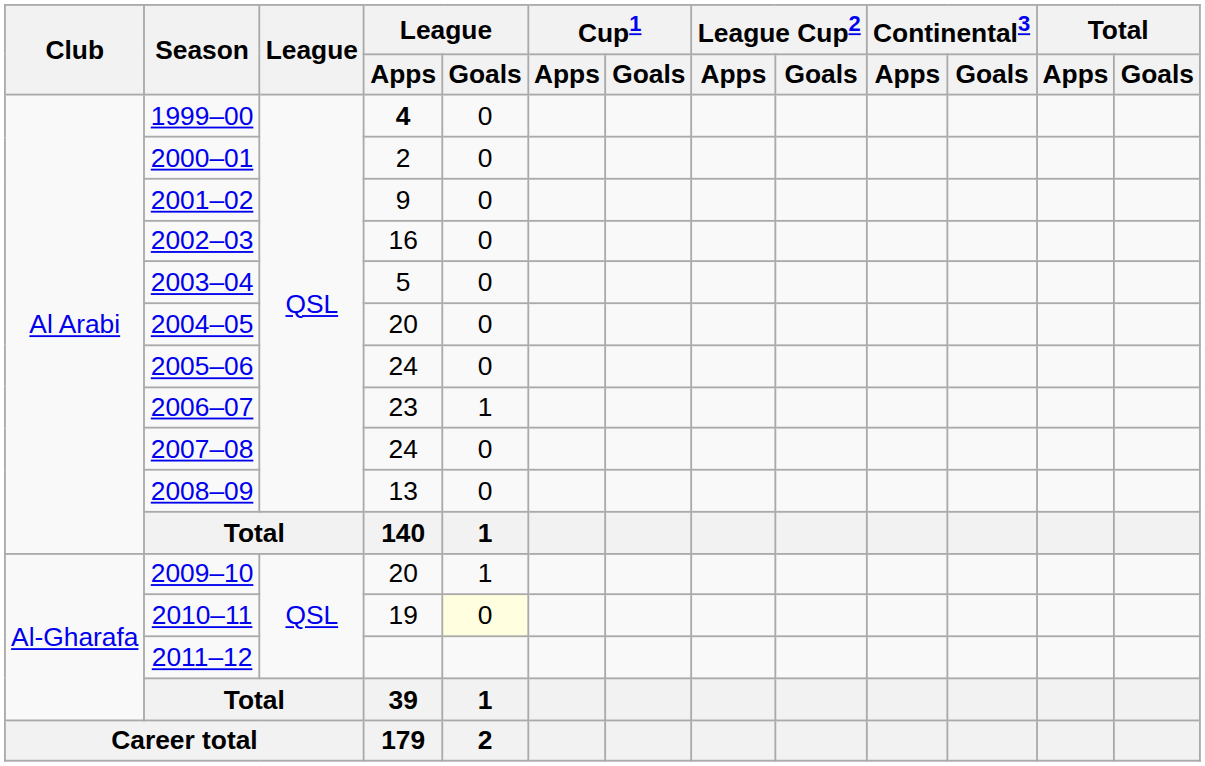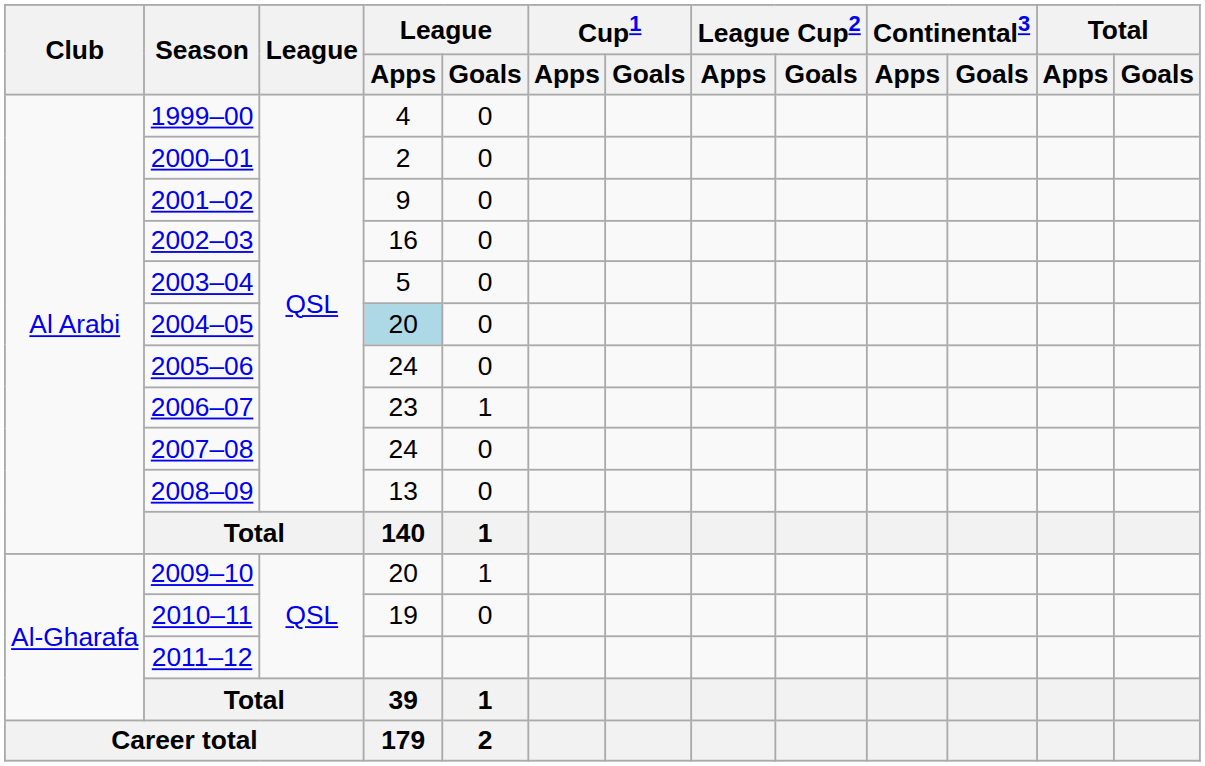 <table class="wikitable" style="font-size:90%; text-align:center;">
 <tr>
 <th rowspan="2">Club</th>
 <th rowspan="2">Season</th>
 <th rowspan="2">League</th>
 <th colspan="2">League</th>
 <th colspan="2">Cup<sup><a href='#'>1</a></sup></th>
 <th colspan="2">League Cup<sup><a href='#'>2</a></sup></th>
 <th colspan="2">Continental<sup><a href='#'>3</a></sup></th>
 <th colspan="2">Total</th>
 </tr>
 <tr>
 <th>Apps</th>
 <th>Goals</th>
 <th>Apps</th>
 <th>Goals</th>
 <th>Apps</th>
 <th>Goals</th>
 <th>Apps</th>
 <th>Goals</th>
 <th>Apps</th>
 <th>Goals</th>
 </tr>
 <tr>
 <td rowspan="11"><a href='#'>Al Arabi</a></td>
 <td><a href='#'>1999–00</a></td>
 <td rowspan="10" valign="center"><a href='#'>QSL</a></td>
-<td><strong>4</strong></td>
+<td>4</td>
 <td>0</td>
 <td></td>
 <td></td>
 <td></td>
 <td></td>
 <td></td>
 <td></td>
 <td></td>
 <td></td>
 </tr>
 <tr>
 <td><a href='#'>2000–01</a></td>
 <td>2</td>
 <td>0</td>
 <td></td>
 <td></td>
 <td></td>
 <td></td>
 <td></td>
 <td></td>
 <td></td>
 <td></td>
 </tr>
 <tr>
 <td><a href='#'>2001–02</a></td>
 <td>9</td>
 <td>0</td>
 <td></td>
 <td></td>
 <td></td>
 <td></td>
 <td></td>
 <td></td>
 <td></td>
 <td></td>
 </tr>
 <tr>
 <td><a href='#'>2002–03</a></td>
 <td>16</td>
 <td>0</td>
 <td></td>
 <td></td>
 <td></td>
 <td></td>
 <td></td>
 <td></td>
 <td></td>
 <td></td>
 </tr>
 <tr>
 <td><a href='#'>2003–04</a></td>
 <td>5</td>
 <td>0</td>
 <td></td>
 <td></td>
 <td></td>
 <td></td>
 <td></td>
 <td></td>
 <td></td>
 <td></td>
 </tr>
 <tr>
 <td><a href='#'>2004–05</a></td>
-<td>20</td>
+<td style="background: lightblue;">20</td>
 <td>0</td>
 <td></td>
 <td></td>
 <td></td>
 <td></td>
 <td></td>
 <td></td>
 <td></td>
 <td></td>
 </tr>
 <tr>
 <td><a href='#'>2005–06</a></td>
 <td>24</td>
 <td>0</td>
 <td></td>
 <td></td>
 <td></td>
 <td></td>
 <td></td>
 <td></td>
 <td></td>
 <td></td>
 </tr>
 <tr>
 <td><a href='#'>2006–07</a></td>
 <td>23</td>
 <td>1</td>
 <td></td>
 <td></td>
 <td></td>
 <td></td>
 <td></td>
 <td></td>
 <td></td>
 <td></td>
 </tr>
 <tr>
 <td><a href='#'>2007–08</a></td>
 <td>24</td>
 <td>0</td>
 <td></td>
 <td></td>
 <td></td>
 <td></td>
 <td></td>
 <td></td>
 <td></td>
 <td></td>
 </tr>
 <tr>
 <td><a href='#'>2008–09</a></td>
 <td>13</td>
 <td>0</td>
 <td></td>
 <td></td>
 <td></td>
 <td></td>
 <td></td>
 <td></td>
 <td></td>
 <td></td>
 </tr>
 <tr>
 <th colspan="2">Total</th>
 <th>140</th>
 <th>1</th>
 <th></th>
 <th></th>
 <th></th>
 <th></th>
 <th></th>
 <th></th>
 <th></th>
 <th></th>
 </tr>
 <tr>
 <td rowspan="4"><a href='#'>Al-Gharafa</a></td>
 <td><a href='#'>2009–10</a></td>
 <td rowspan="3" valign="center"><a href='#'>QSL</a></td>
 <td>20</td>
 <td>1</td>
 <td></td>
 <td></td>
 <td></td>
 <td></td>
 <td></td>
 <td></td>
 <td></td>
 <td></td>
 </tr>
 <tr>
 <td><a href='#'>2010–11</a></td>
 <td>19</td>
-<td style="background: lightyellow;">0</td>
+<td>0</td>
 <td></td>
 <td></td>
 <td></td>
 <td></td>
 <td></td>
 <td></td>
 <td></td>
 <td></td>
 </tr>
 <tr>
 <td><a href='#'>2011–12</a></td>
 <td></td>
 <td></td>
 <td></td>
 <td></td>
 <td></td>
 <td></td>
 <td></td>
 <td></td>
 <td></td>
 <td></td>
 </tr>
 <tr>
 <th colspan="2">Total</th>
 <th>39</th>
 <th>1</th>
 <th></th>
 <th></th>
 <th></th>
 <th></th>
 <th></th>
 <th></th>
 <th></th>
 <th></th>
 </tr>
 <tr>
 <th colspan="3">Career total</th>
 <th>179</th>
 <th>2</th>
 <th></th>
 <th></th>
 <th></th>
 <th></th>
 <th></th>
 <th></th>
 <th></th>
 <th></th>
 </tr>
 </table>
